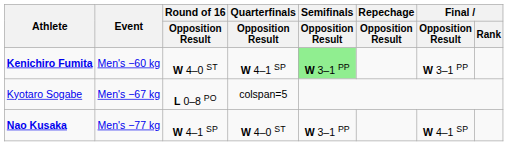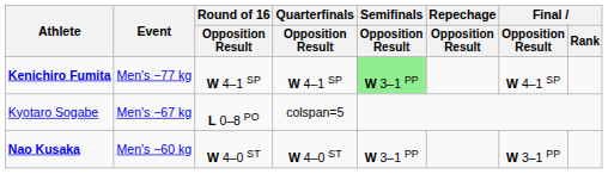 <table class="wikitable" style="font-size:90%">
 <tr>
 <th rowspan=2>Athlete</th>
 <th rowspan=2>Event</th>
 <th>Round of 16</th>
 <th>Quarterfinals</th>
 <th>Semifinals</th>
 <th>Repechage</th>
 <th colspan=2>Final / </th>
 </tr>
 <tr style="font-size: 95%">
 <th>Opposition<br>Result</th>
 <th>Opposition<br>Result</th>
 <th>Opposition<br>Result</th>
 <th>Opposition<br>Result</th>
 <th>Opposition<br>Result</th>
 <th>Rank</th>
 </tr>
 <tr align=center>
 <td align=left><strong><a href='#'>Kenichiro Fumita</a></strong></td>
-<td align=left><a href='#'>Men's −60 kg</a></td>
-<td><br><strong>W</strong> 4–0 <sup>ST</sup></td>
+<td align=left><a href='#'>Men's −77 kg</a></td>
+<td><br><strong>W</strong> 4–1 <sup>SP</sup></td>
 <td><br><strong>W</strong> 4–1 <sup>SP</sup></td>
 <td style="background: lightgreen;"><br><strong>W</strong> 3–1 <sup>PP</sup></td>
 <td></td>
-<td><br><strong>W</strong> 3–1 <sup>PP</sup></td>
+<td><br><strong>W</strong> 4–1 <sup>SP</sup></td>
 <td></td>
 </tr>
 <tr align=center>
 <td align=left><a href='#'>Kyotaro Sogabe</a></td>
 <td align=left><a href='#'>Men's −67 kg</a></td>
 <td><br><strong>L</strong> 0–8 <sup>PO</sup></td>
 <td>colspan=5</td>
 </tr>
 <tr align=center>
 <td align=left><strong><a href='#'>Nao Kusaka</a></strong></td>
-<td align=left><a href='#'>Men's −77 kg</a></td>
-<td><br><strong>W</strong> 4–1 <sup>SP</sup></td>
+<td align=left><a href='#'>Men's −60 kg</a></td>
+<td><br><strong>W</strong> 4–0 <sup>ST</sup></td>
 <td><br><strong>W</strong> 4–0 <sup>ST</sup></td>
 <td><br><strong>W</strong> 3–1 <sup>PP</sup></td>
 <td></td>
-<td><br><strong>W</strong> 4–1 <sup>SP</sup></td>
+<td><br><strong>W</strong> 3–1 <sup>PP</sup></td>
 <td></td>
 </tr>
 </table>
